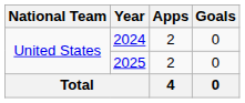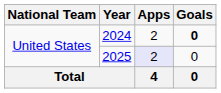 <table class="wikitable" style="text-align:center">
 <tr>
 <th>National Team</th>
 <th>Year</th>
 <th>Apps</th>
 <th>Goals</th>
 </tr>
 <tr>
 <td rowspan=2><a href='#'>United States</a></td>
 <td><a href='#'>2024</a></td>
 <td>2</td>
-<td>0</td>
+<td><strong>0</strong></td>
 </tr>
 <tr>
 <td><a href='#'>2025</a></td>
-<td>2</td>
+<td style="background: lavender;">2</td>
 <td>0</td>
 </tr>
 <tr>
 <th colspan=2>Total</th>
 <th>4</th>
 <th>0</th>
 </tr>
 </table>
